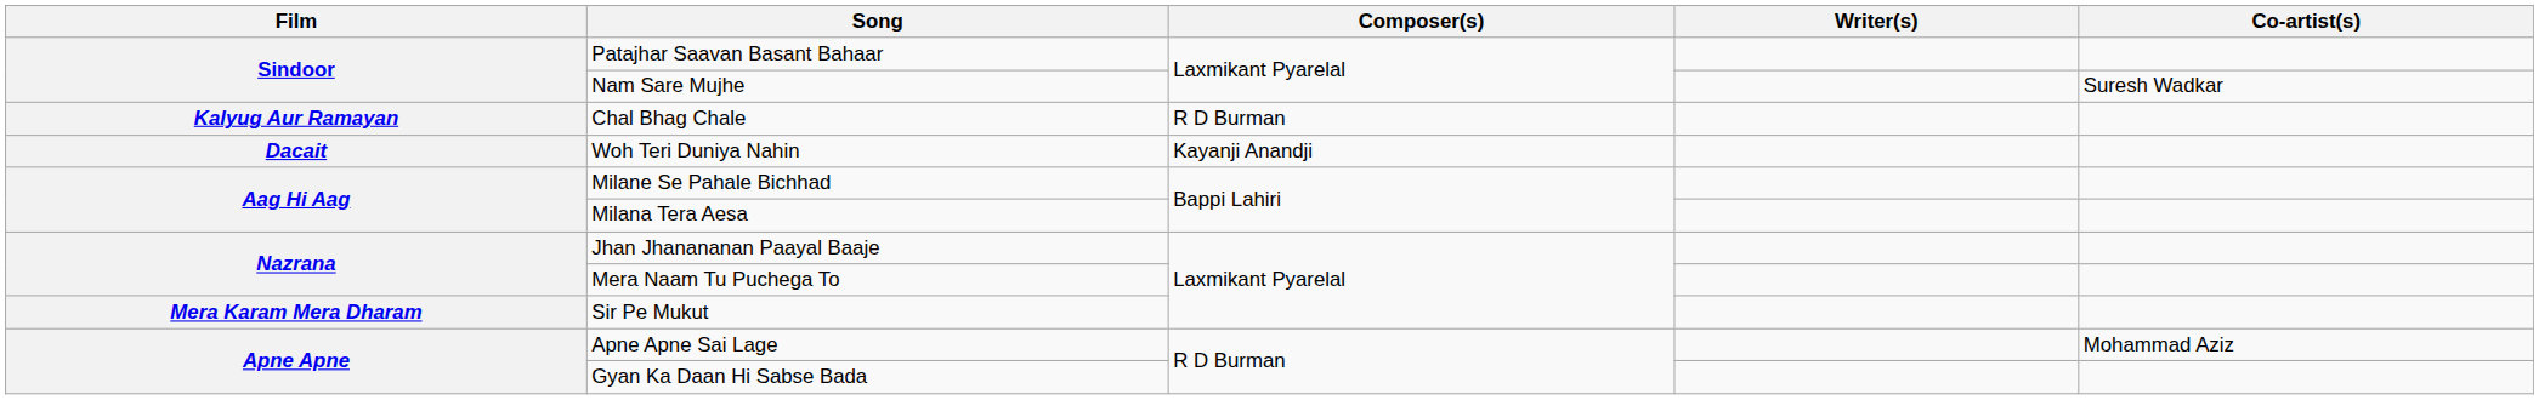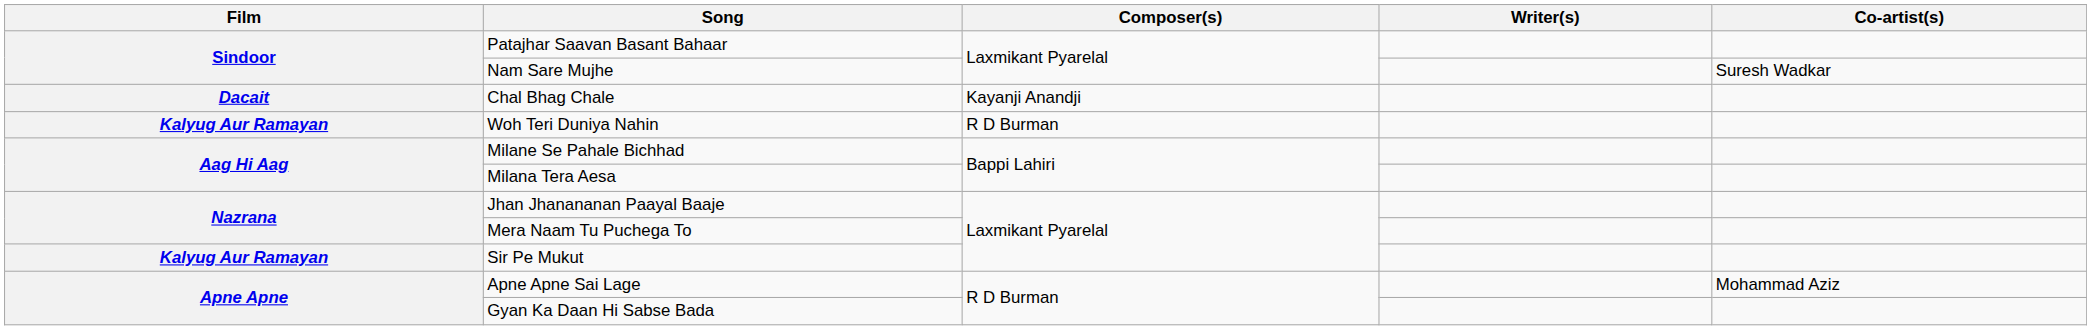 <table class="wikitable plainrowheaders" style="width:100%; textcolor:#000">
 <tr style="background:#b0e0e66;">
 <th scope="col" style="width:23%;"><strong>Film</strong></th>
 <th scope="col" style="width:23%;"><strong>Song</strong></th>
 <th scope="col" style="width:20%;"><strong>Composer(s)</strong></th>
 <th scope="col" style="width:16%;"><strong>Writer(s)</strong></th>
 <th scope="col" style="width:18%;"><strong>Co-artist(s)</strong></th>
 </tr>
 <tr>
 <th Rowspan=2><a href='#'>Sindoor</a></th>
 <td>Patajhar Saavan Basant Bahaar</td>
 <td rowspan=2>Laxmikant Pyarelal</td>
 <td></td>
 <td></td>
 </tr>
 <tr>
 <td>Nam Sare Mujhe</td>
 <td></td>
 <td>Suresh Wadkar</td>
 </tr>
 <tr>
-<th><em><a href='#'>Kalyug Aur Ramayan</a></em></th>
+<th><em><a href='#'>Dacait</a></em></th>
 <td>Chal Bhag Chale</td>
-<td>R D Burman</td>
+<td>Kayanji Anandji</td>
 <td></td>
 <td></td>
 </tr>
 <tr>
-<th><em><a href='#'>Dacait</a></em></th>
+<th><em><a href='#'>Kalyug Aur Ramayan</a></em></th>
 <td>Woh Teri Duniya Nahin</td>
-<td>Kayanji Anandji</td>
+<td>R D Burman</td>
 <td></td>
 <td></td>
 </tr>
 <tr>
 <th Rowspan=2><em><a href='#'>Aag Hi Aag</a></em></th>
 <td>Milane Se Pahale Bichhad</td>
 <td rowspan=2>Bappi Lahiri</td>
 <td></td>
 <td></td>
 </tr>
 <tr>
 <td>Milana Tera Aesa</td>
 <td></td>
 <td></td>
 </tr>
 <tr>
 <th Rowspan=2><em><a href='#'>Nazrana</a></em></th>
 <td>Jhan Jhanananan Paayal Baaje</td>
 <td rowspan=3>Laxmikant Pyarelal</td>
 <td></td>
 <td></td>
 </tr>
 <tr>
 <td>Mera Naam Tu Puchega To</td>
 <td></td>
 <td></td>
 </tr>
 <tr>
-<th><em><a href='#'>Mera Karam Mera Dharam</a></em></th>
+<th><em><a href='#'>Kalyug Aur Ramayan</a></em></th>
 <td>Sir Pe Mukut</td>
 <td></td>
 <td></td>
 </tr>
 <tr>
 <th Rowspan=2><em><a href='#'>Apne Apne</a></em></th>
 <td>Apne Apne Sai Lage</td>
 <td rowspan=2>R D Burman</td>
 <td></td>
 <td>Mohammad Aziz</td>
 </tr>
 <tr>
 <td>Gyan Ka Daan Hi Sabse Bada</td>
 <td></td>
 <td></td>
 </tr>
 </table>
